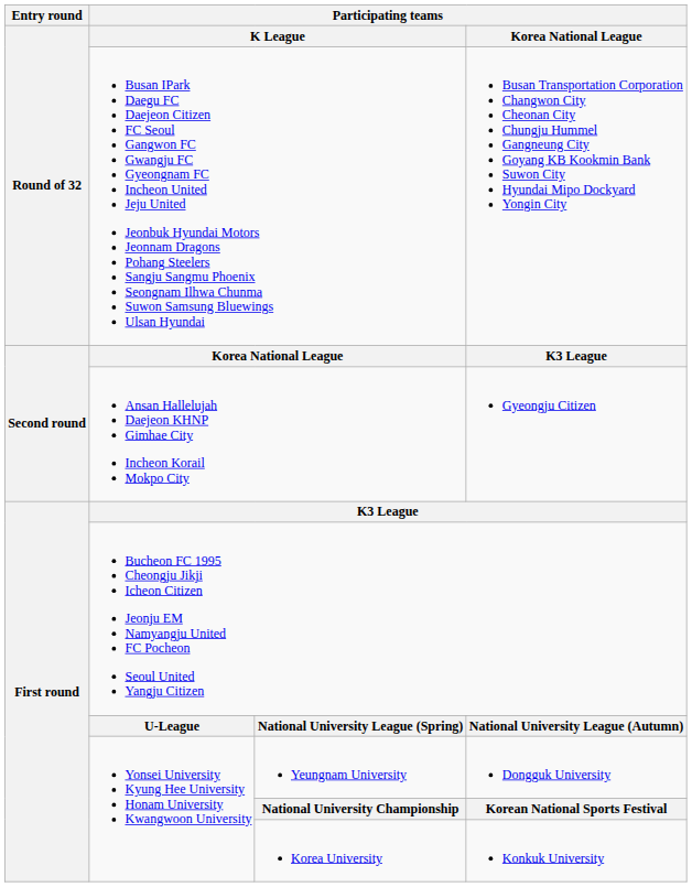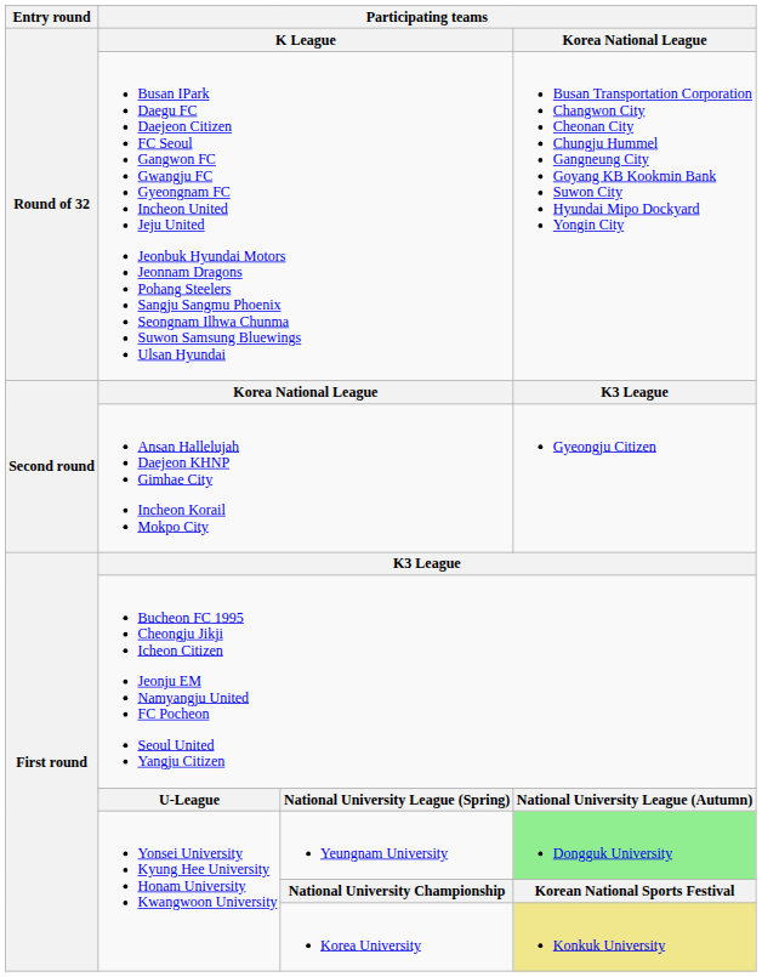 <table class="wikitable">
 <tr>
 <th>Entry round</th>
 <th colspan="3">Participating teams</th>
 </tr>
 <tr>
 <th rowspan="2">Round of 32</th>
 <th colspan="2">K League<br></th>
 <th>Korea National League<br></th>
 </tr>
 <tr style="vertical-align:top">
 <td colspan="2"><br> <ul><li><a href='#'>Busan IPark</a></li><li><a href='#'>Daegu FC</a></li><li><a href='#'>Daejeon Citizen</a></li><li><a href='#'>FC Seoul</a></li><li><a href='#'>Gangwon FC</a></li><li><a href='#'>Gwangju FC</a></li><li><a href='#'>Gyeongnam FC</a></li><li><a href='#'>Incheon United</a></li><li><a href='#'>Jeju United</a></li></ul><ul><li><a href='#'>Jeonbuk Hyundai Motors</a></li><li><a href='#'>Jeonnam Dragons</a></li><li><a href='#'>Pohang Steelers</a></li><li><a href='#'>Sangju Sangmu Phoenix</a></li><li><a href='#'>Seongnam Ilhwa Chunma</a></li><li><a href='#'>Suwon Samsung Bluewings</a></li><li><a href='#'>Ulsan Hyundai</a></li></ul></td>
 <td><br><ul><li><a href='#'>Busan Transportation Corporation</a></li><li><a href='#'>Changwon City</a></li><li><a href='#'>Cheonan City</a></li><li><a href='#'>Chungju Hummel</a></li><li><a href='#'>Gangneung City</a></li><li><a href='#'>Goyang KB Kookmin Bank</a></li><li><a href='#'>Suwon City</a></li><li><a href='#'>Hyundai Mipo Dockyard</a></li><li><a href='#'>Yongin City</a></li></ul></td>
 </tr>
 <tr>
 <th rowspan="2">Second round</th>
 <th colspan="2">Korea National League<br></th>
 <th>K3 League<br></th>
 </tr>
 <tr style="vertical-align:top">
 <td colspan="2"><br> <ul><li><a href='#'>Ansan Hallelujah</a></li><li><a href='#'>Daejeon KHNP</a></li><li><a href='#'>Gimhae City</a></li></ul><ul><li><a href='#'>Incheon Korail</a></li><li><a href='#'>Mokpo City</a></li></ul></td>
 <td><br><ul><li><a href='#'>Gyeongju Citizen</a></li></ul></td>
 </tr>
 <tr>
 <th rowspan="6">First round</th>
 <th colspan="3">K3 League<br></th>
 </tr>
 <tr style="vertical-align:top">
 <td colspan="3"><br> <ul><li><a href='#'>Bucheon FC 1995</a></li><li><a href='#'>Cheongju Jikji</a></li><li><a href='#'>Icheon Citizen</a></li></ul><ul><li><a href='#'>Jeonju EM</a></li><li><a href='#'>Namyangju United</a></li><li><a href='#'>FC Pocheon</a></li></ul><ul><li><a href='#'>Seoul United</a></li><li><a href='#'>Yangju Citizen</a></li></ul></td>
 </tr>
 <tr>
 <th>U-League<br></th>
 <th>National University League (Spring)<br></th>
 <th>National University League (Autumn)<br></th>
 </tr>
 <tr style="vertical-align:top">
 <td rowspan="3"><br><ul><li><a href='#'>Yonsei University</a></li><li><a href='#'>Kyung Hee University</a></li><li><a href='#'>Honam University</a></li><li><a href='#'>Kwangwoon University</a></li></ul></td>
 <td><br><ul><li><a href='#'>Yeungnam University</a></li></ul></td>
-<td><br><ul><li><a href='#'>Dongguk University</a></li></ul></td>
+<td style="background: lightgreen;"><br><ul><li><a href='#'>Dongguk University</a></li></ul></td>
 </tr>
 <tr>
 <th>National University Championship<br></th>
 <th>Korean National Sports Festival<br></th>
 </tr>
 <tr style="vertical-align:top">
 <td><br><ul><li><a href='#'>Korea University</a></li></ul></td>
-<td><br><ul><li><a href='#'>Konkuk University</a></li></ul></td>
+<td style="background: khaki;"><br><ul><li><a href='#'>Konkuk University</a></li></ul></td>
 </tr>
 </table>
